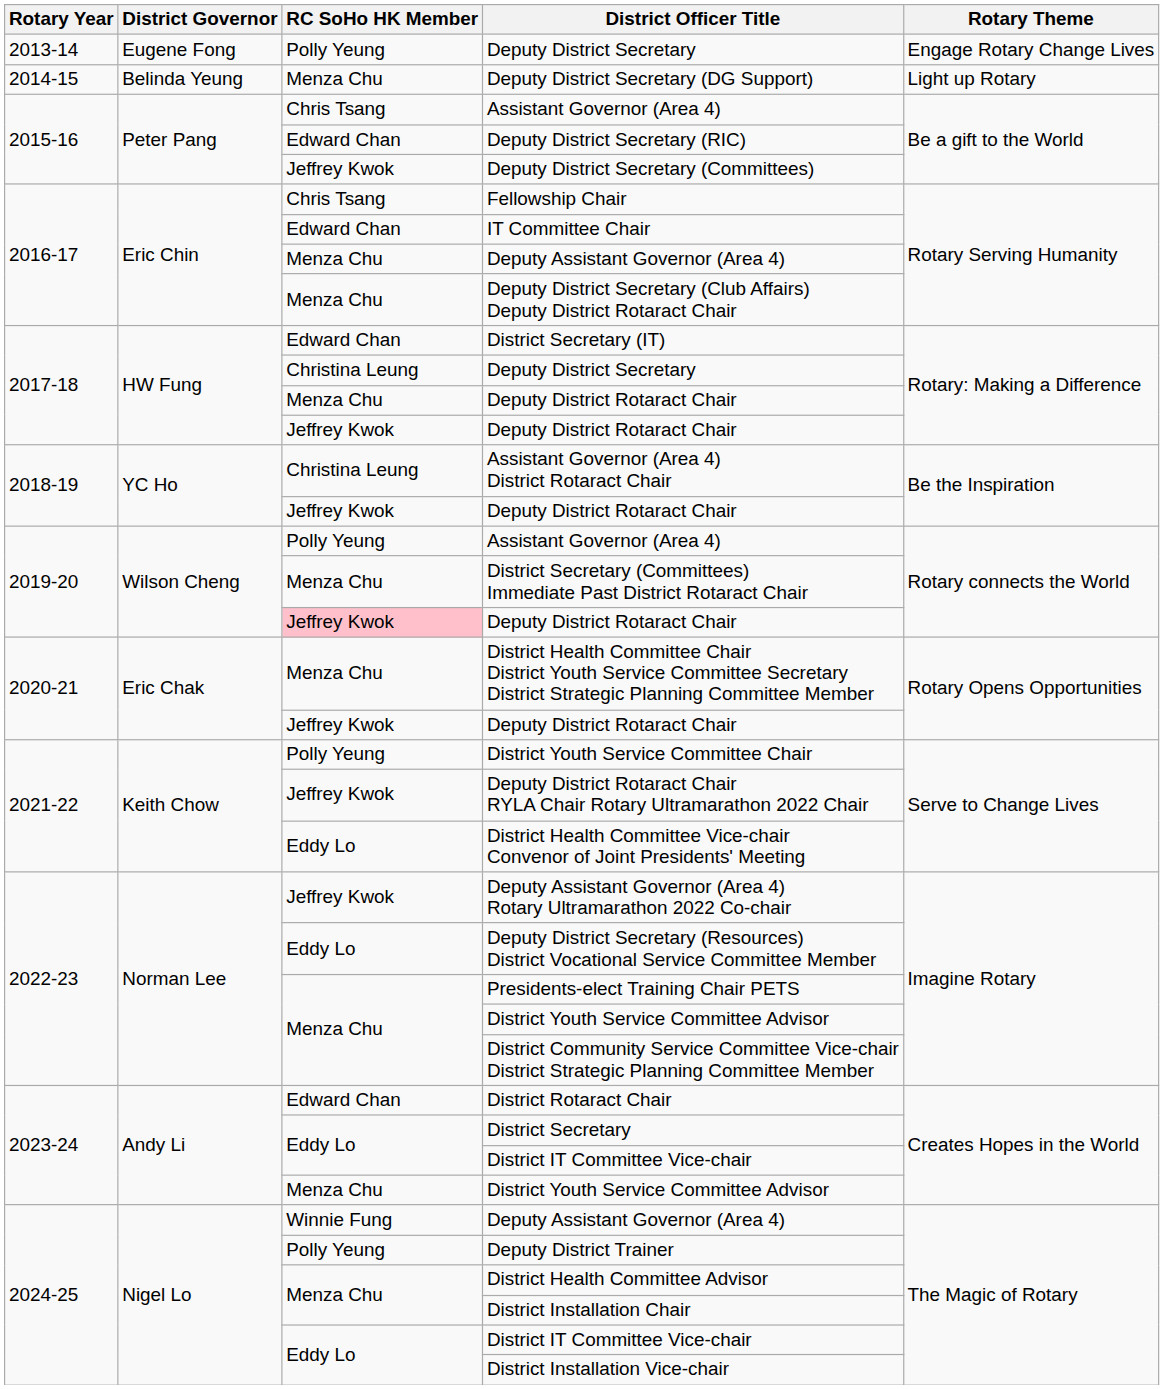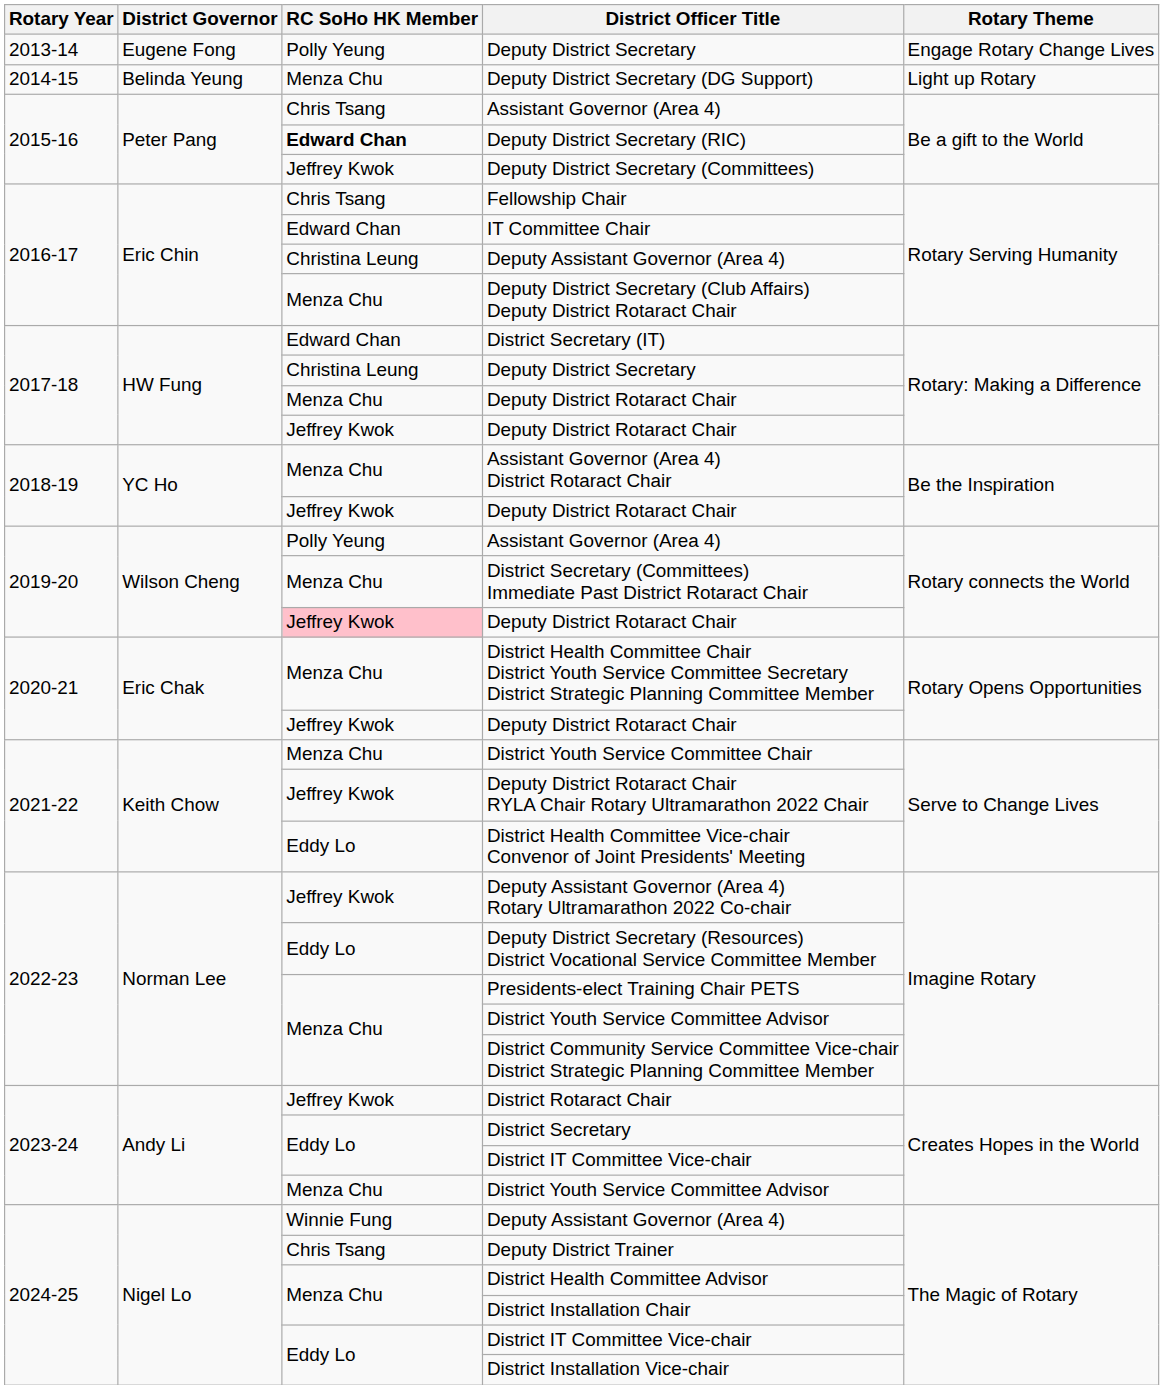 <table class="wikitable">
 <tr>
 <th>Rotary Year</th>
 <th>District Governor</th>
 <th>RC SoHo HK Member</th>
 <th>District Officer Title</th>
 <th>Rotary Theme</th>
 </tr>
 <tr>
 <td>2013-14</td>
 <td>Eugene Fong</td>
 <td>Polly Yeung</td>
 <td>Deputy District Secretary</td>
 <td>Engage Rotary Change Lives</td>
 </tr>
 <tr>
 <td>2014-15</td>
 <td>Belinda Yeung</td>
 <td>Menza Chu</td>
 <td>Deputy District Secretary (DG Support)</td>
 <td>Light up Rotary</td>
 </tr>
 <tr>
 <td rowspan="3">2015-16</td>
 <td rowspan="3">Peter Pang</td>
 <td>Chris Tsang</td>
 <td>Assistant Governor (Area 4)</td>
 <td rowspan="3">Be a gift to the World</td>
 </tr>
 <tr>
-<td>Edward Chan</td>
+<td><strong>Edward Chan</strong></td>
 <td>Deputy District Secretary (RIC)</td>
 </tr>
 <tr>
 <td>Jeffrey Kwok</td>
 <td>Deputy District Secretary (Committees)</td>
 </tr>
 <tr>
 <td rowspan="4">2016-17</td>
 <td rowspan="4">Eric Chin</td>
 <td>Chris Tsang</td>
 <td>Fellowship Chair</td>
 <td rowspan="4">Rotary Serving Humanity</td>
 </tr>
 <tr>
 <td>Edward Chan</td>
 <td>IT Committee Chair</td>
 </tr>
 <tr>
-<td>Menza Chu</td>
+<td>Christina Leung</td>
 <td>Deputy Assistant Governor (Area 4)</td>
 </tr>
 <tr>
 <td>Menza Chu</td>
 <td>Deputy District Secretary (Club Affairs)<br>Deputy District Rotaract Chair</td>
 </tr>
 <tr>
 <td rowspan="4">2017-18</td>
 <td rowspan="4">HW Fung</td>
 <td>Edward Chan</td>
 <td>District Secretary (IT)</td>
 <td rowspan="4">Rotary: Making a Difference</td>
 </tr>
 <tr>
 <td>Christina Leung</td>
 <td>Deputy District Secretary</td>
 </tr>
 <tr>
 <td>Menza Chu</td>
 <td>Deputy District Rotaract Chair</td>
 </tr>
 <tr>
 <td>Jeffrey Kwok</td>
 <td>Deputy District Rotaract Chair</td>
 </tr>
 <tr>
 <td rowspan="2">2018-19</td>
 <td rowspan="2">YC Ho</td>
-<td>Christina Leung</td>
+<td>Menza Chu</td>
 <td>Assistant Governor (Area 4)<br>District Rotaract Chair</td>
 <td rowspan="2">Be the Inspiration</td>
 </tr>
 <tr>
 <td>Jeffrey Kwok</td>
 <td>Deputy District Rotaract Chair</td>
 </tr>
 <tr>
 <td rowspan="3">2019-20</td>
 <td rowspan="3">Wilson Cheng</td>
 <td>Polly Yeung</td>
 <td>Assistant Governor (Area 4)</td>
 <td rowspan="3">Rotary connects the World</td>
 </tr>
 <tr>
 <td>Menza Chu</td>
 <td>District Secretary (Committees)<br>Immediate Past District Rotaract Chair</td>
 </tr>
 <tr>
 <td style="background: pink;">Jeffrey Kwok</td>
 <td>Deputy District Rotaract Chair</td>
 </tr>
 <tr>
 <td rowspan="2">2020-21</td>
 <td rowspan="2">Eric Chak</td>
 <td>Menza Chu</td>
 <td>District Health Committee Chair<br>District Youth Service Committee Secretary<br>District Strategic Planning Committee Member</td>
 <td rowspan="2">Rotary Opens Opportunities</td>
 </tr>
 <tr>
 <td>Jeffrey Kwok</td>
 <td>Deputy District Rotaract Chair</td>
 </tr>
 <tr>
 <td rowspan="3">2021-22</td>
 <td rowspan="3">Keith Chow</td>
-<td>Polly Yeung</td>
+<td>Menza Chu</td>
 <td>District Youth Service Committee Chair</td>
 <td rowspan="3">Serve to Change Lives</td>
 </tr>
 <tr>
 <td>Jeffrey Kwok</td>
 <td>Deputy District Rotaract Chair<br>RYLA Chair Rotary Ultramarathon 2022 Chair</td>
 </tr>
 <tr>
 <td>Eddy Lo</td>
 <td>District Health Committee Vice-chair<br>Convenor of Joint Presidents' Meeting</td>
 </tr>
 <tr>
 <td rowspan="5">2022-23</td>
 <td rowspan="5">Norman Lee</td>
 <td>Jeffrey Kwok</td>
 <td>Deputy Assistant Governor (Area 4)<br>Rotary Ultramarathon 2022 Co-chair</td>
 <td rowspan="5">Imagine Rotary</td>
 </tr>
 <tr>
 <td>Eddy Lo</td>
 <td>Deputy District Secretary (Resources)<br>District Vocational Service Committee Member</td>
 </tr>
 <tr>
 <td rowspan="3">Menza Chu</td>
 <td>Presidents-elect Training Chair PETS</td>
 </tr>
 <tr>
 <td>District Youth Service Committee Advisor</td>
 </tr>
 <tr>
 <td>District Community Service Committee Vice-chair<br>District Strategic Planning Committee Member</td>
 </tr>
 <tr>
 <td rowspan="4">2023-24</td>
 <td rowspan="4">Andy Li</td>
-<td>Edward Chan</td>
+<td>Jeffrey Kwok</td>
 <td>District Rotaract Chair</td>
 <td rowspan="4">Creates Hopes in the World</td>
 </tr>
 <tr>
 <td rowspan="2">Eddy Lo</td>
 <td>District Secretary</td>
 </tr>
 <tr>
 <td>District IT Committee Vice-chair</td>
 </tr>
 <tr>
 <td>Menza Chu</td>
 <td>District Youth Service Committee Advisor</td>
 </tr>
 <tr>
 <td rowspan="6">2024-25</td>
 <td rowspan="6">Nigel Lo</td>
 <td>Winnie Fung</td>
 <td>Deputy Assistant Governor (Area 4)</td>
 <td rowspan="6">The Magic of Rotary</td>
 </tr>
 <tr>
-<td>Polly Yeung</td>
+<td>Chris Tsang</td>
 <td>Deputy District Trainer</td>
 </tr>
 <tr>
 <td rowspan="2">Menza Chu</td>
 <td>District Health Committee Advisor</td>
 </tr>
 <tr>
 <td>District Installation Chair</td>
 </tr>
 <tr>
 <td rowspan="2">Eddy Lo</td>
 <td>District IT Committee Vice-chair</td>
 </tr>
 <tr>
 <td>District Installation Vice-chair</td>
 </tr>
 </table>
